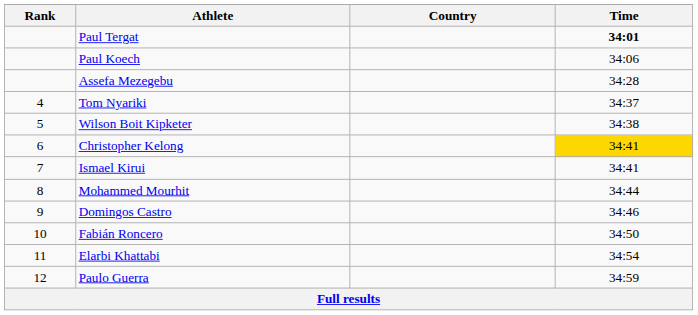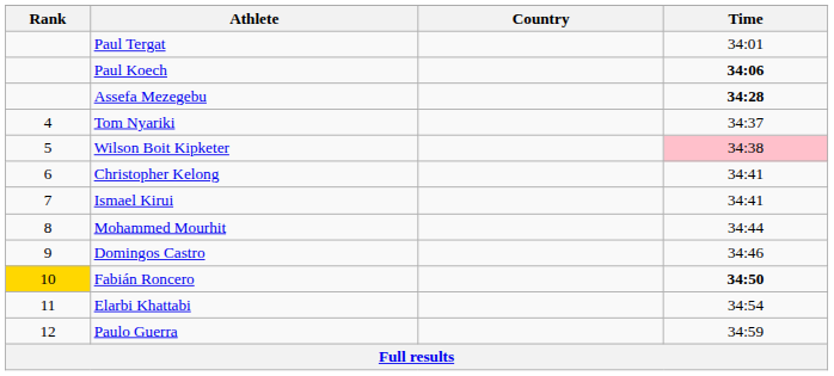 <table class="wikitable sortable" style=" text-align:center; font-size:95%;" width="50%">
 <tr>
 </tr>
 <tr>
 <th width=5%>Rank</th>
 <th width=20%>Athlete</th>
 <th width=15%>Country</th>
 <th width=10%>Time</th>
 </tr>
 <tr>
 <td align=center></td>
 <td align=left><a href='#'>Paul Tergat</a></td>
 <td align=left></td>
-<td><strong>34:01</strong></td>
+<td>34:01</td>
 </tr>
 <tr>
 <td align=center></td>
 <td align=left><a href='#'>Paul Koech</a></td>
 <td align=left></td>
-<td>34:06</td>
+<td><strong>34:06</strong></td>
 </tr>
 <tr>
 <td align=center></td>
 <td align=left><a href='#'>Assefa Mezegebu</a></td>
 <td align=left></td>
-<td>34:28</td>
+<td><strong>34:28</strong></td>
 </tr>
 <tr>
 <td align=center>4</td>
 <td align=left><a href='#'>Tom Nyariki</a></td>
 <td align=left></td>
 <td>34:37</td>
 </tr>
 <tr>
 <td align=center>5</td>
 <td align=left><a href='#'>Wilson Boit Kipketer</a></td>
 <td align=left></td>
-<td>34:38</td>
+<td style="background: pink;">34:38</td>
 </tr>
 <tr>
 <td align=center>6</td>
 <td align=left><a href='#'>Christopher Kelong</a></td>
 <td align=left></td>
-<td style="background: gold;">34:41</td>
+<td>34:41</td>
 </tr>
 <tr>
 <td align=center>7</td>
 <td align=left><a href='#'>Ismael Kirui</a></td>
 <td align=left></td>
 <td>34:41</td>
 </tr>
 <tr>
 <td align=center>8</td>
 <td align=left><a href='#'>Mohammed Mourhit</a></td>
 <td align=left></td>
 <td>34:44</td>
 </tr>
 <tr>
 <td align=center>9</td>
 <td align=left><a href='#'>Domingos Castro</a></td>
 <td align=left></td>
 <td>34:46</td>
 </tr>
 <tr>
-<td align=center>10</td>
+<td align=center style="background: gold;">10</td>
 <td align=left><a href='#'>Fabián Roncero</a></td>
 <td align=left></td>
-<td>34:50</td>
+<td><strong>34:50</strong></td>
 </tr>
 <tr>
 <td align=center>11</td>
 <td align=left><a href='#'>Elarbi Khattabi</a></td>
 <td align=left></td>
 <td>34:54</td>
 </tr>
 <tr>
 <td align=center>12</td>
 <td align=left><a href='#'>Paulo Guerra</a></td>
 <td align=left></td>
 <td>34:59</td>
 </tr>
 <tr class="sortbottom">
 <th colspan=4 align=center><a href='#'>Full results</a></th>
 </tr>
 </table>
